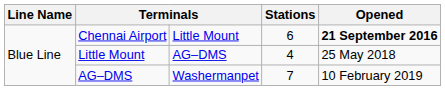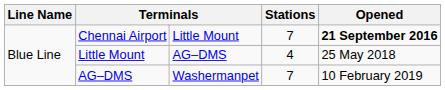 <table class="wikitable sortable" style="font-size:90%;">
 <tr>
 <th>Line Name</th>
 <th colspan="2">Terminals</th>
 <th>Stations</th>
 <th>Opened</th>
 </tr>
 <tr>
 <td rowspan="3" style="background:#"><span>Blue Line</span></td>
 <td><a href='#'>Chennai Airport</a></td>
 <td><a href='#'>Little Mount</a></td>
-<td style="text-align:center">6</td>
+<td style="text-align:center">7</td>
 <td><strong>21 September 2016</strong></td>
 </tr>
 <tr>
 <td><a href='#'>Little Mount</a></td>
 <td><a href='#'>AG–DMS</a></td>
 <td style="text-align:center">4</td>
 <td>25 May 2018</td>
 </tr>
 <tr>
 <td><a href='#'>AG–DMS</a></td>
 <td><a href='#'>Washermanpet</a></td>
 <td style="text-align:center">7</td>
 <td>10 February 2019</td>
 </tr>
 </table>
